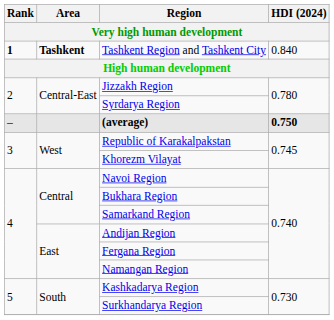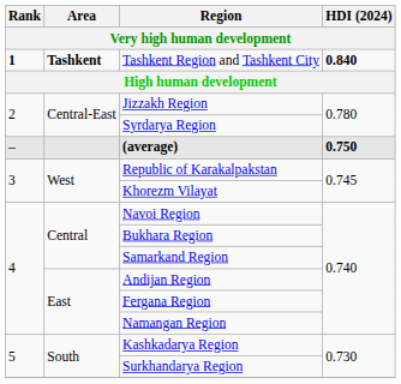 <table class="wikitable sortable">
 <tr>
 <th>Rank</th>
 <th>Area</th>
 <th>Region</th>
 <th>HDI (2024)</th>
 </tr>
 <tr>
 <th colspan="4" style="color:#090;">Very high human development</th>
 </tr>
 <tr>
 <td><strong>1</strong></td>
 <td><strong>Tashkent</strong></td>
 <td><a href='#'>Tashkent Region</a> and <a href='#'>Tashkent City</a></td>
-<td>0.840</td>
+<td><strong>0.840</strong></td>
 </tr>
 <tr>
 <th colspan="4" style="color:#0c0;">High human development</th>
 </tr>
 <tr>
 <td rowspan="2">2</td>
 <td rowspan="2">Central-East</td>
 <td><a href='#'>Jizzakh Region</a></td>
 <td rowspan="2">0.780</td>
 </tr>
 <tr>
 <td><a href='#'>Syrdarya Region</a></td>
 </tr>
 <tr style="background:#e6e6e6">
 <td>–</td>
 <td></td>
 <td> <strong>(average)</strong></td>
 <td><strong>0.750</strong></td>
 </tr>
 <tr>
 <td rowspan="2">3</td>
 <td rowspan="2">West</td>
 <td><a href='#'>Republic of Karakalpakstan</a></td>
 <td rowspan="2">0.745</td>
 </tr>
 <tr>
 <td><a href='#'>Khorezm Vilayat</a></td>
 </tr>
 <tr>
 <td rowspan="6">4</td>
 <td rowspan="3">Central</td>
 <td><a href='#'>Navoi Region</a></td>
 <td rowspan="6">0.740</td>
 </tr>
 <tr>
 <td><a href='#'>Bukhara Region</a></td>
 </tr>
 <tr>
 <td><a href='#'>Samarkand Region</a></td>
 </tr>
 <tr>
 <td rowspan="3">East</td>
 <td><a href='#'>Andijan Region</a></td>
 </tr>
 <tr>
 <td><a href='#'>Fergana Region</a></td>
 </tr>
 <tr>
 <td><a href='#'>Namangan Region</a></td>
 </tr>
 <tr>
 <td rowspan="2">5</td>
 <td rowspan="2">South</td>
 <td><a href='#'>Kashkadarya Region</a></td>
 <td rowspan="2">0.730</td>
 </tr>
 <tr>
 <td><a href='#'>Surkhandarya Region</a></td>
 </tr>
 <tr>
 </tr>
 </table>
